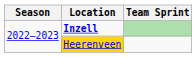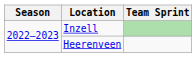 <table class="wikitable" style="display: inline-table;">
 <tr>
 <th>Season</th>
 <th>Location</th>
 <th colspan="1">Team Sprint</th>
 </tr>
 <tr style="text-align:center">
 <td rowspan=2><a href='#'>2022–2023</a></td>
-<td align=left><strong> <a href='#'>Inzell</a></strong></td>
+<td align=left> <a href='#'>Inzell</a></td>
 <td style="background:#addfad;"></td>
 </tr>
 <tr style="text-align:center">
-<td align=left style="background: gold;"> <a href='#'>Heerenveen</a></td>
+<td align=left> <a href='#'>Heerenveen</a></td>
 <td></td>
 </tr>
 </table>
